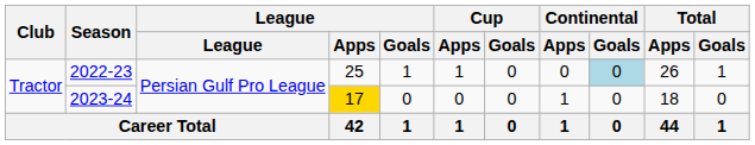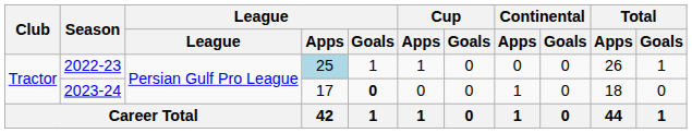 <table class="wikitable"style="text-align:center;">
 <tr>
 <th Rowspan=2>Club</th>
 <th Rowspan=2>Season</th>
 <th Colspan=3>League</th>
 <th Colspan=2>Cup</th>
 <th Colspan=2>Continental</th>
 <th Colspan=2>Total</th>
 </tr>
 <tr>
 <th>League</th>
 <th>Apps</th>
 <th>Goals</th>
 <th>Apps</th>
 <th>Goals</th>
 <th>Apps</th>
 <th>Goals</th>
 <th>Apps</th>
 <th>Goals</th>
 </tr>
 <tr>
 <td rowspan="2"><a href='#'>Tractor</a></td>
 <td><a href='#'>2022-23</a></td>
 <td rowspan="2"><a href='#'>Persian Gulf Pro League</a></td>
-<td>25</td>
+<td style="background: lightblue;">25</td>
 <td>1</td>
 <td>1</td>
 <td>0</td>
 <td>0</td>
-<td style="background: lightblue;">0</td>
+<td>0</td>
 <td>26</td>
 <td>1</td>
 </tr>
 <tr>
 <td><a href='#'>2023-24</a></td>
-<td style="background: gold;">17</td>
-<td>0</td>
+<td>17</td>
+<td><strong>0</strong></td>
 <td>0</td>
 <td>0</td>
 <td>1</td>
 <td>0</td>
 <td>18</td>
 <td>0</td>
 </tr>
 <tr>
 <th colspan=3>Career Total</th>
 <th>42</th>
 <th>1</th>
 <th>1</th>
 <th>0</th>
 <th>1</th>
 <th>0</th>
 <th>44</th>
 <th>1</th>
 </tr>
 </table>
